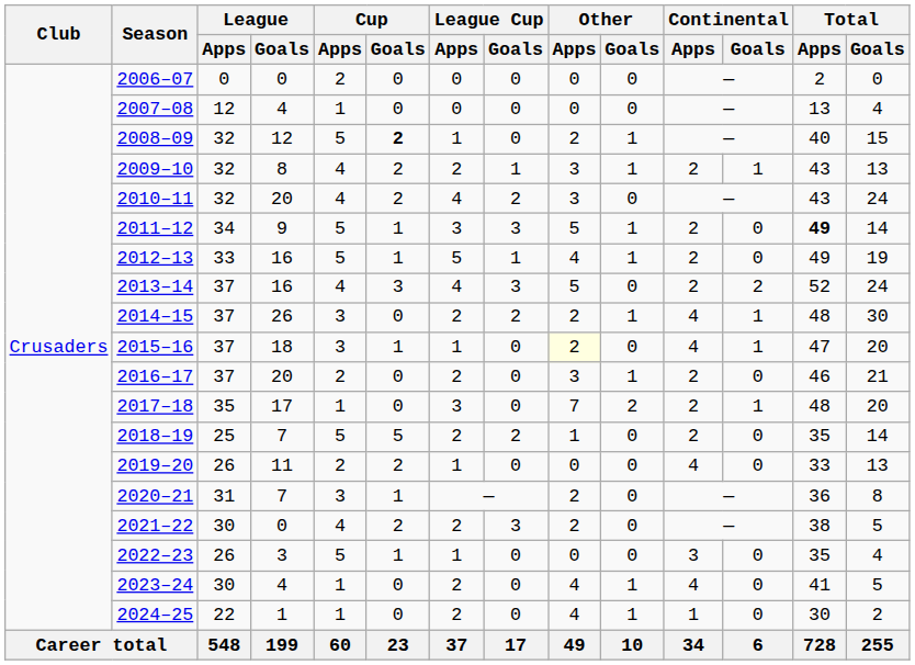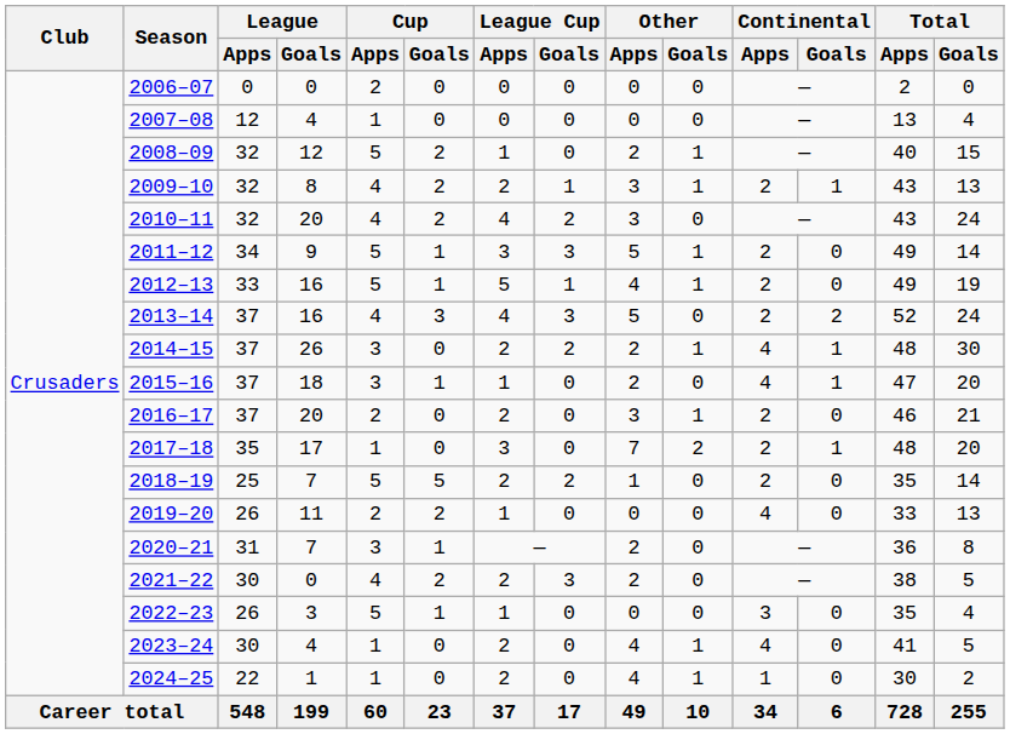 <table class="wikitable" style="text-align:center">
 <tr>
 <th rowspan="2">Club</th>
 <th rowspan="2">Season</th>
 <th colspan="2">League</th>
 <th colspan="2">Cup</th>
 <th colspan="2">League Cup</th>
 <th colspan="2">Other</th>
 <th colspan="2">Continental</th>
 <th colspan="2">Total</th>
 </tr>
 <tr>
 <th>Apps</th>
 <th>Goals</th>
 <th>Apps</th>
 <th>Goals</th>
 <th>Apps</th>
 <th>Goals</th>
 <th>Apps</th>
 <th>Goals</th>
 <th>Apps</th>
 <th>Goals</th>
 <th>Apps</th>
 <th>Goals</th>
 </tr>
 <tr>
 <td rowspan="19"><a href='#'>Crusaders</a></td>
 <td><a href='#'>2006–07</a></td>
 <td>0</td>
 <td>0</td>
 <td>2</td>
 <td>0</td>
 <td>0</td>
 <td>0</td>
 <td>0</td>
 <td>0</td>
 <td colspan="2">—</td>
 <td>2</td>
 <td>0</td>
 </tr>
 <tr>
 <td><a href='#'>2007–08</a></td>
 <td>12</td>
 <td>4</td>
 <td>1</td>
 <td>0</td>
 <td>0</td>
 <td>0</td>
 <td>0</td>
 <td>0</td>
 <td colspan="2">—</td>
 <td>13</td>
 <td>4</td>
 </tr>
 <tr>
 <td><a href='#'>2008–09</a></td>
 <td>32</td>
 <td>12</td>
 <td>5</td>
-<td><strong>2</strong></td>
+<td>2</td>
 <td>1</td>
 <td>0</td>
 <td>2</td>
 <td>1</td>
 <td colspan="2">—</td>
 <td>40</td>
 <td>15</td>
 </tr>
 <tr>
 <td><a href='#'>2009–10</a></td>
 <td>32</td>
 <td>8</td>
 <td>4</td>
 <td>2</td>
 <td>2</td>
 <td>1</td>
 <td>3</td>
 <td>1</td>
 <td>2</td>
 <td>1</td>
 <td>43</td>
 <td>13</td>
 </tr>
 <tr>
 <td><a href='#'>2010–11</a></td>
 <td>32</td>
 <td>20</td>
 <td>4</td>
 <td>2</td>
 <td>4</td>
 <td>2</td>
 <td>3</td>
 <td>0</td>
 <td colspan="2">—</td>
 <td>43</td>
 <td>24</td>
 </tr>
 <tr>
 <td><a href='#'>2011–12</a></td>
 <td>34</td>
 <td>9</td>
 <td>5</td>
 <td>1</td>
 <td>3</td>
 <td>3</td>
 <td>5</td>
 <td>1</td>
 <td>2</td>
 <td>0</td>
-<td><strong>49</strong></td>
+<td>49</td>
 <td>14</td>
 </tr>
 <tr>
 <td><a href='#'>2012–13</a></td>
 <td>33</td>
 <td>16</td>
 <td>5</td>
 <td>1</td>
 <td>5</td>
 <td>1</td>
 <td>4</td>
 <td>1</td>
 <td>2</td>
 <td>0</td>
 <td>49</td>
 <td>19</td>
 </tr>
 <tr>
 <td><a href='#'>2013–14</a></td>
 <td>37</td>
 <td>16</td>
 <td>4</td>
 <td>3</td>
 <td>4</td>
 <td>3</td>
 <td>5</td>
 <td>0</td>
 <td>2</td>
 <td>2</td>
 <td>52</td>
 <td>24</td>
 </tr>
 <tr>
 <td><a href='#'>2014–15</a></td>
 <td>37</td>
 <td>26</td>
 <td>3</td>
 <td>0</td>
 <td>2</td>
 <td>2</td>
 <td>2</td>
 <td>1</td>
 <td>4</td>
 <td>1</td>
 <td>48</td>
 <td>30</td>
 </tr>
 <tr>
 <td><a href='#'>2015–16</a></td>
 <td>37</td>
 <td>18</td>
 <td>3</td>
 <td>1</td>
 <td>1</td>
 <td>0</td>
-<td style="background: lightyellow;">2</td>
+<td>2</td>
 <td>0</td>
 <td>4</td>
 <td>1</td>
 <td>47</td>
 <td>20</td>
 </tr>
 <tr>
 <td><a href='#'>2016–17</a></td>
 <td>37</td>
 <td>20</td>
 <td>2</td>
 <td>0</td>
 <td>2</td>
 <td>0</td>
 <td>3</td>
 <td>1</td>
 <td>2</td>
 <td>0</td>
 <td>46</td>
 <td>21</td>
 </tr>
 <tr>
 <td><a href='#'>2017–18</a></td>
 <td>35</td>
 <td>17</td>
 <td>1</td>
 <td>0</td>
 <td>3</td>
 <td>0</td>
 <td>7</td>
 <td>2</td>
 <td>2</td>
 <td>1</td>
 <td>48</td>
 <td>20</td>
 </tr>
 <tr>
 <td><a href='#'>2018–19</a></td>
 <td>25</td>
 <td>7</td>
 <td>5</td>
 <td>5</td>
 <td>2</td>
 <td>2</td>
 <td>1</td>
 <td>0</td>
 <td>2</td>
 <td>0</td>
 <td>35</td>
 <td>14</td>
 </tr>
 <tr>
 <td><a href='#'>2019–20</a></td>
 <td>26</td>
 <td>11</td>
 <td>2</td>
 <td>2</td>
 <td>1</td>
 <td>0</td>
 <td>0</td>
 <td>0</td>
 <td>4</td>
 <td>0</td>
 <td>33</td>
 <td>13</td>
 </tr>
 <tr>
 <td><a href='#'>2020–21</a></td>
 <td>31</td>
 <td>7</td>
 <td>3</td>
 <td>1</td>
 <td colspan="2">—</td>
 <td>2</td>
 <td>0</td>
 <td colspan="2">—</td>
 <td>36</td>
 <td>8</td>
 </tr>
 <tr>
 <td><a href='#'>2021–22</a></td>
 <td>30</td>
 <td>0</td>
 <td>4</td>
 <td>2</td>
 <td>2</td>
 <td>3</td>
 <td>2</td>
 <td>0</td>
 <td colspan="2">—</td>
 <td>38</td>
 <td>5</td>
 </tr>
 <tr>
 <td><a href='#'>2022–23</a></td>
 <td>26</td>
 <td>3</td>
 <td>5</td>
 <td>1</td>
 <td>1</td>
 <td>0</td>
 <td>0</td>
 <td>0</td>
 <td>3</td>
 <td>0</td>
 <td>35</td>
 <td>4</td>
 </tr>
 <tr>
 <td><a href='#'>2023–24</a></td>
 <td>30</td>
 <td>4</td>
 <td>1</td>
 <td>0</td>
 <td>2</td>
 <td>0</td>
 <td>4</td>
 <td>1</td>
 <td>4</td>
 <td>0</td>
 <td>41</td>
 <td>5</td>
 </tr>
 <tr>
 <td><a href='#'>2024–25</a></td>
 <td>22</td>
 <td>1</td>
 <td>1</td>
 <td>0</td>
 <td>2</td>
 <td>0</td>
 <td>4</td>
 <td>1</td>
 <td>1</td>
 <td>0</td>
 <td>30</td>
 <td>2</td>
 </tr>
 <tr>
 <th colspan="2">Career total</th>
 <th>548</th>
 <th>199</th>
 <th>60</th>
 <th>23</th>
 <th>37</th>
 <th>17</th>
 <th>49</th>
 <th>10</th>
 <th>34</th>
 <th>6</th>
 <th>728</th>
 <th>255</th>
 </tr>
 </table>
